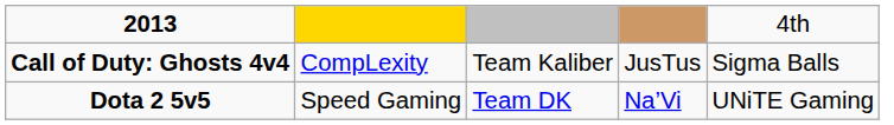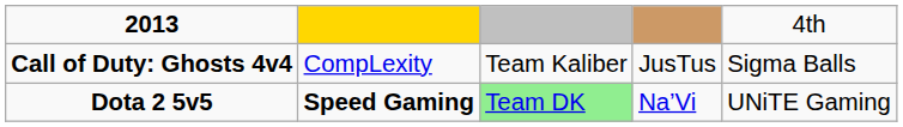 <table class="wikitable" style="text-align:left">
 <tr>
 <td style="text-align:center"><strong>2013</strong></td>
 <td style="text-align:center; background:gold;"></td>
 <td style="text-align:center; background:silver;"></td>
 <td style="text-align:center; background:#c96;"></td>
 <td style="text-align:center">4th</td>
 </tr>
 <tr>
 <td style="text-align:center"><strong>Call of Duty: Ghosts 4v4</strong></td>
 <td> <a href='#'>CompLexity</a></td>
 <td> Team Kaliber</td>
 <td> JusTus</td>
 <td> Sigma Balls</td>
 </tr>
 <tr>
 <td style="text-align:center"><strong>Dota 2 5v5</strong></td>
-<td>Speed Gaming</td>
-<td> <a href='#'>Team DK</a></td>
+<td><strong>Speed Gaming</strong></td>
+<td style="background: lightgreen;"> <a href='#'>Team DK</a></td>
 <td> <a href='#'>Na’Vi</a></td>
 <td> UNiTE Gaming</td>
 </tr>
 </table>
